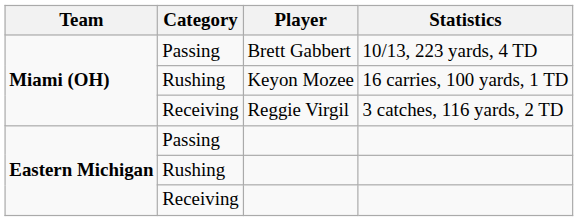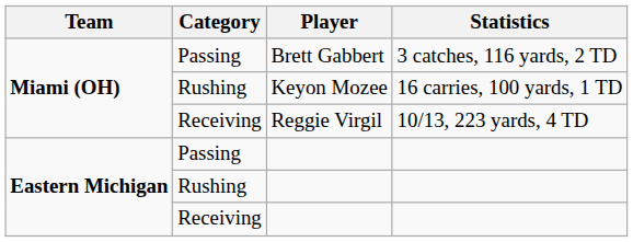 <table class="wikitable" style="float: right;">
 <tr>
 <th>Team</th>
 <th>Category</th>
 <th>Player</th>
 <th>Statistics</th>
 </tr>
 <tr>
 <td rowspan=3><strong>Miami (OH)</strong></td>
 <td>Passing</td>
 <td>Brett Gabbert</td>
-<td>10/13,  223 yards, 4 TD</td>
+<td>3 catches, 116 yards, 2 TD</td>
 </tr>
 <tr>
 <td>Rushing</td>
 <td>Keyon Mozee</td>
 <td>16 carries, 100 yards, 1 TD</td>
 </tr>
 <tr>
 <td>Receiving</td>
 <td>Reggie Virgil</td>
-<td>3 catches, 116 yards, 2 TD</td>
+<td>10/13,  223 yards, 4 TD</td>
 </tr>
 <tr>
 <td rowspan=3><strong>Eastern Michigan</strong></td>
 <td>Passing</td>
 <td></td>
 <td></td>
 </tr>
 <tr>
 <td>Rushing</td>
 <td></td>
 <td></td>
 </tr>
 <tr>
 <td>Receiving</td>
 <td></td>
 <td></td>
 </tr>
 </table>
